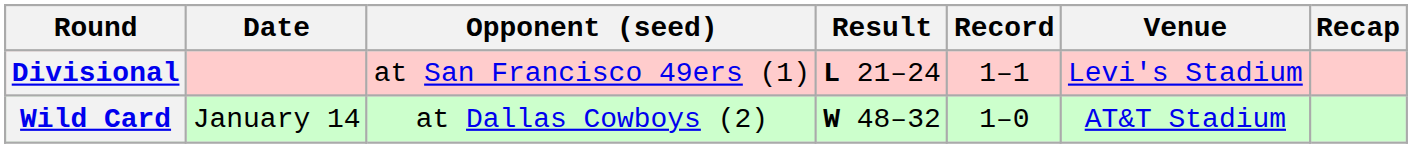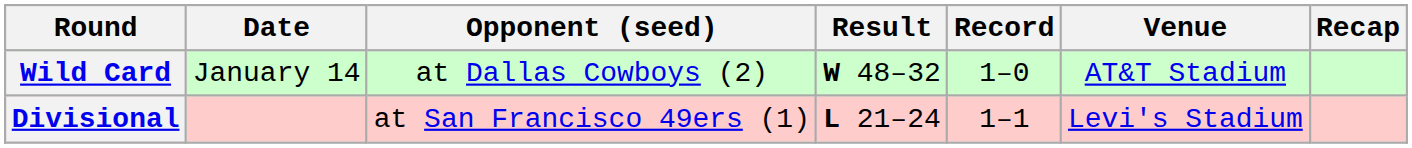 <table class="wikitable" style="text-align:center">
 <tr>
 <th>Round</th>
 <th>Date</th>
 <th>Opponent (seed)</th>
 <th>Result</th>
 <th>Record</th>
 <th>Venue</th>
 <th>Recap</th>
 </tr>
+<tr style="background:#cfc">
+<th><a href='#'>Wild Card</a></th>
+<td>January 14</td>
+<td>at <a href='#'>Dallas Cowboys</a> (2)</td>
+<td><strong>W</strong> 48–32</td>
+<td>1–0</td>
+<td><a href='#'>AT&T Stadium</a></td>
+<td></td>
+</tr>
 <tr style="background:#fcc">
 <th><a href='#'>Divisional</a></th>
 <td></td>
 <td>at <a href='#'>San Francisco 49ers</a> (1)</td>
 <td><strong>L</strong> 21–24</td>
 <td>1–1</td>
 <td><a href='#'>Levi's Stadium</a></td>
 <td></td>
 </tr>
-<tr style="background:#cfc">
-<th><a href='#'>Wild Card</a></th>
-<td>January 14</td>
-<td>at <a href='#'>Dallas Cowboys</a> (2)</td>
-<td><strong>W</strong> 48–32</td>
-<td>1–0</td>
-<td><a href='#'>AT&T Stadium</a></td>
-<td></td>
-</tr>
 </table>
